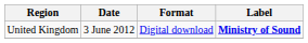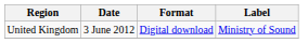 <table class=wikitable>
 <tr>
 <th>Region</th>
 <th>Date</th>
 <th>Format</th>
 <th>Label</th>
 </tr>
 <tr>
 <td>United Kingdom</td>
 <td>3 June 2012</td>
 <td><a href='#'>Digital download</a></td>
-<td><strong><a href='#'>Ministry of Sound</a></strong></td>
+<td><a href='#'>Ministry of Sound</a></td>
 </tr>
 <tr>
 </tr>
 </table>
